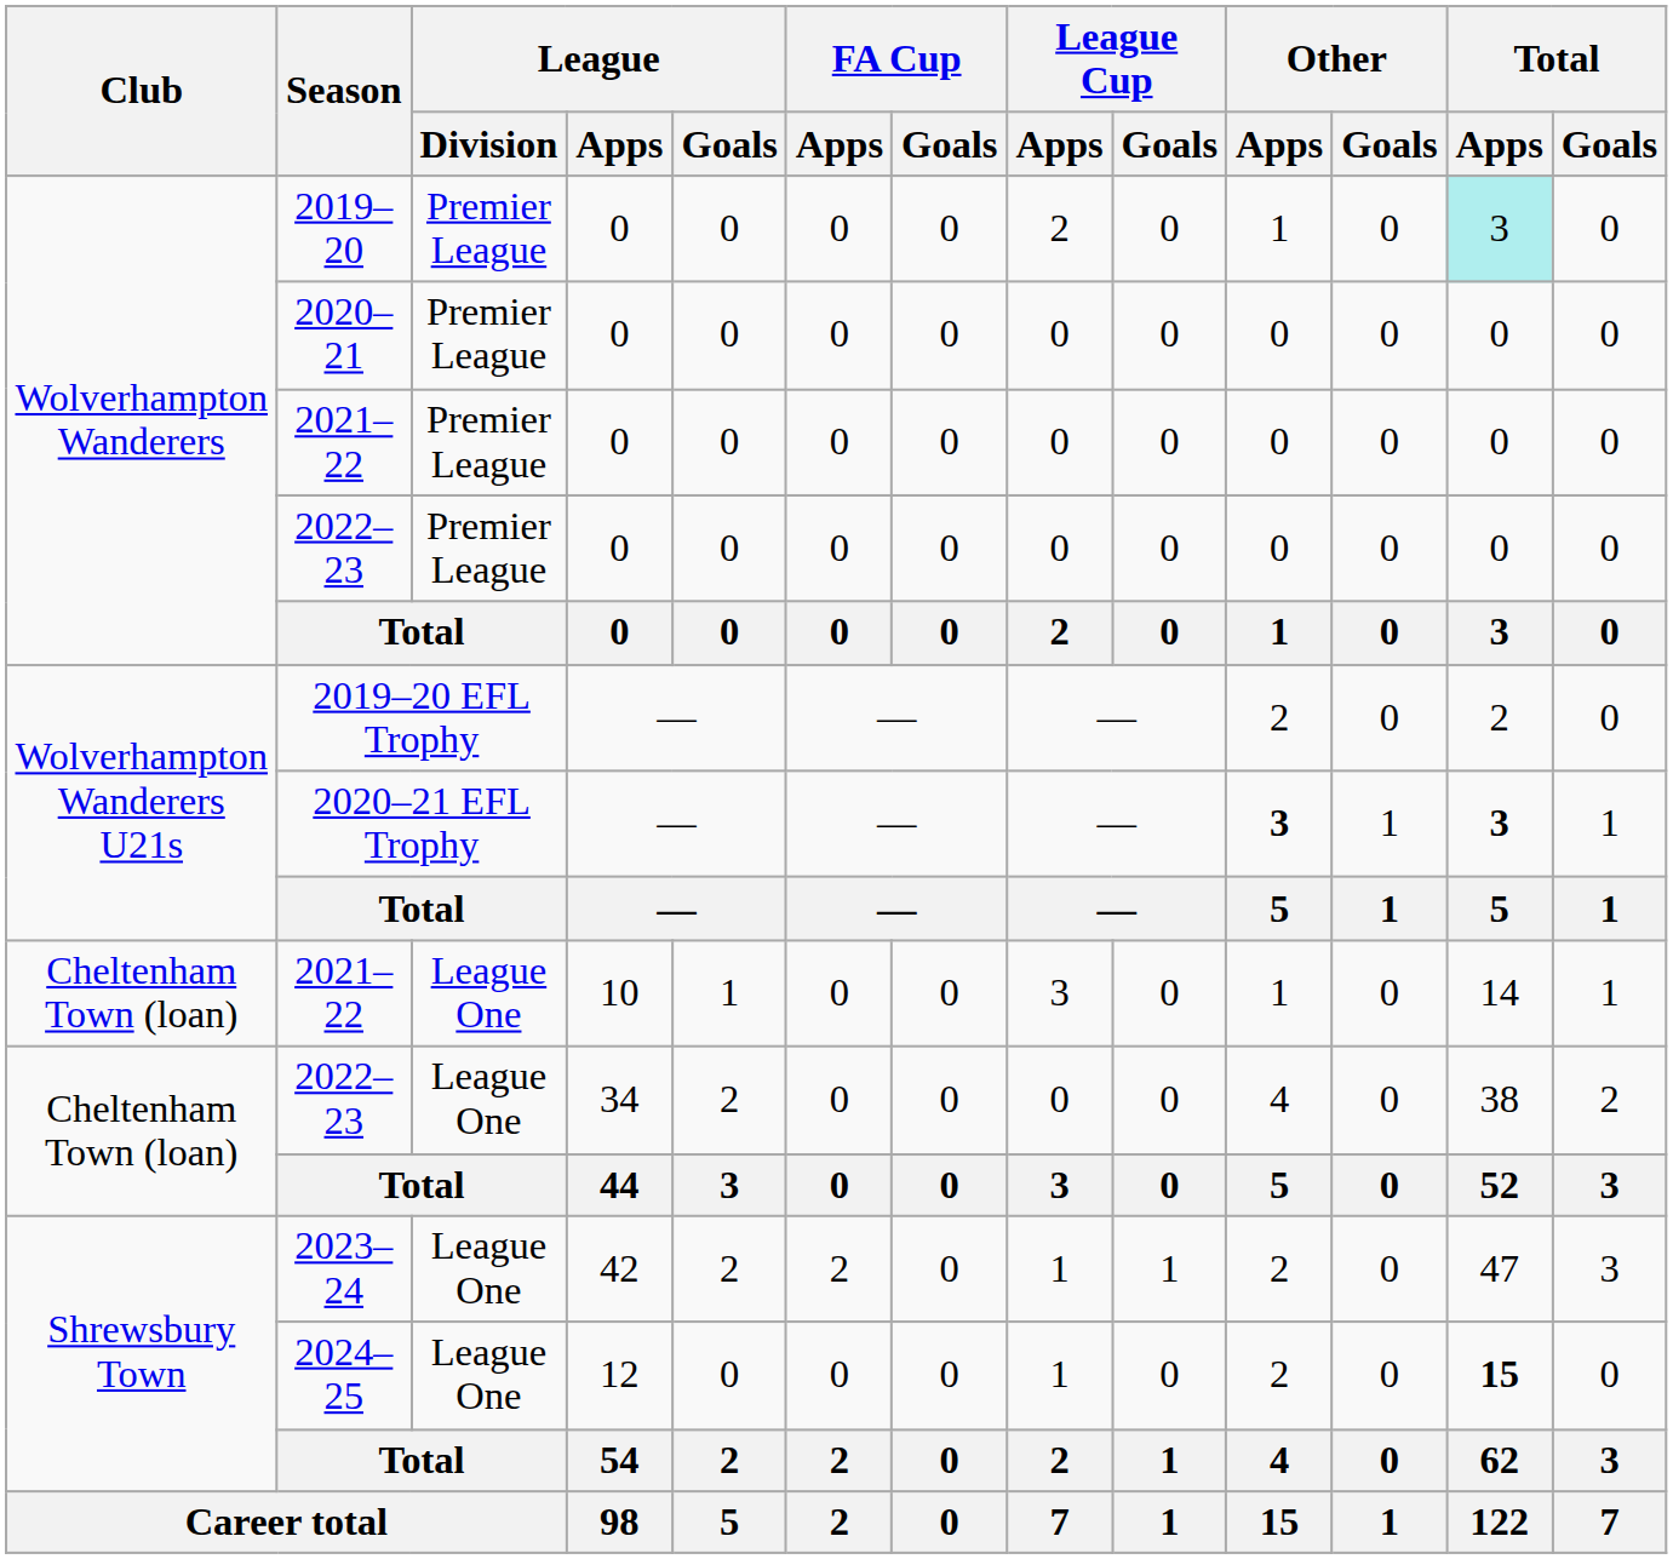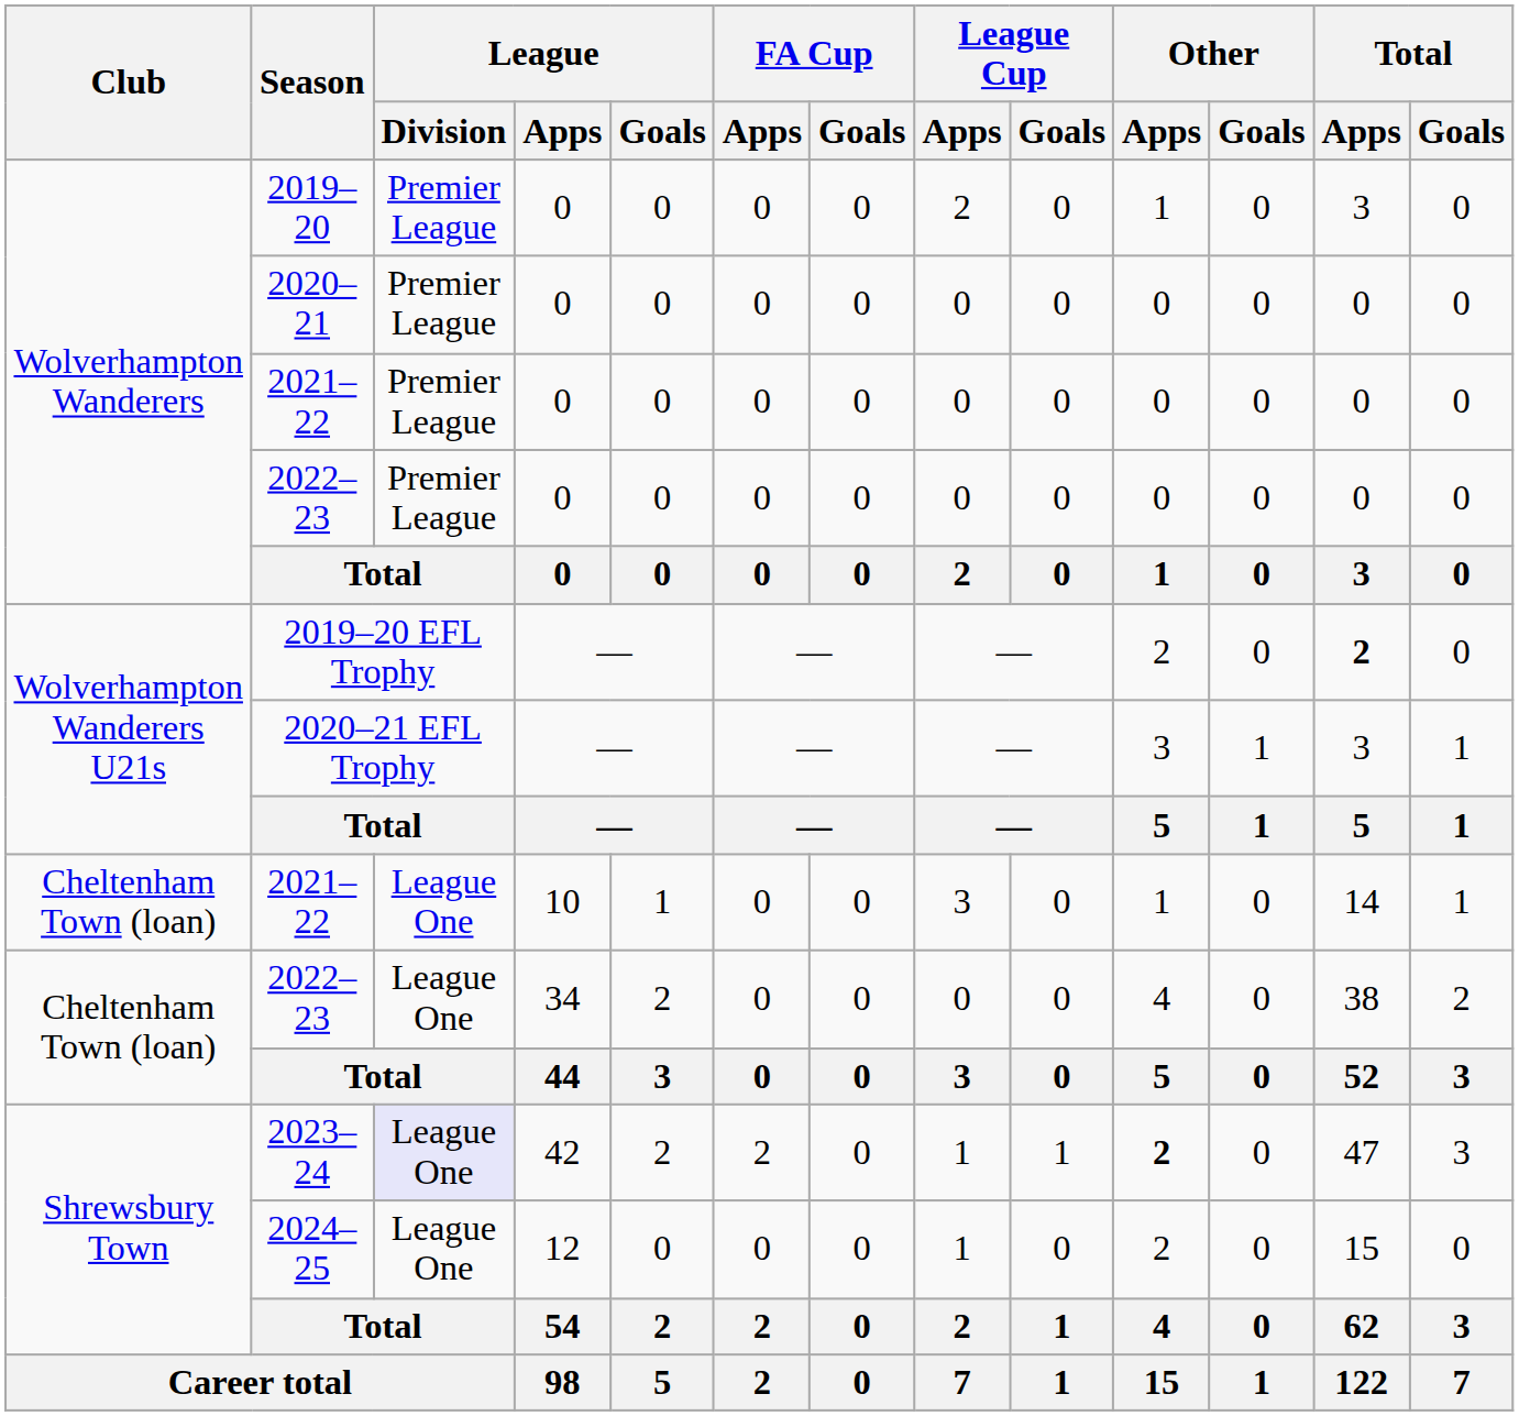 <table class="wikitable" style="text-align:center">
 <tr>
 <th rowspan="2">Club</th>
 <th rowspan="2">Season</th>
 <th colspan="3">League</th>
 <th colspan="2"><a href='#'>FA Cup</a></th>
 <th colspan="2"><a href='#'>League Cup</a></th>
 <th colspan="2">Other</th>
 <th colspan="2">Total</th>
 </tr>
 <tr>
 <th>Division</th>
 <th>Apps</th>
 <th>Goals</th>
 <th>Apps</th>
 <th>Goals</th>
 <th>Apps</th>
 <th>Goals</th>
 <th>Apps</th>
 <th>Goals</th>
 <th>Apps</th>
 <th>Goals</th>
 </tr>
 <tr>
 <td rowspan=5><a href='#'>Wolverhampton Wanderers</a></td>
 <td><a href='#'>2019–20</a></td>
 <td><a href='#'>Premier League</a></td>
 <td>0</td>
 <td>0</td>
 <td>0</td>
 <td>0</td>
 <td>2</td>
 <td>0</td>
 <td>1</td>
 <td>0</td>
-<td style="background: paleturquoise;">3</td>
+<td>3</td>
 <td>0</td>
 </tr>
 <tr>
 <td><a href='#'>2020–21</a></td>
 <td>Premier League</td>
 <td>0</td>
 <td>0</td>
 <td>0</td>
 <td>0</td>
 <td>0</td>
 <td>0</td>
 <td>0</td>
 <td>0</td>
 <td>0</td>
 <td>0</td>
 </tr>
 <tr>
 <td><a href='#'>2021–22</a></td>
 <td>Premier League</td>
 <td>0</td>
 <td>0</td>
 <td>0</td>
 <td>0</td>
 <td>0</td>
 <td>0</td>
 <td>0</td>
 <td>0</td>
 <td>0</td>
 <td>0</td>
 </tr>
 <tr>
 <td><a href='#'>2022–23</a></td>
 <td>Premier League</td>
 <td>0</td>
 <td>0</td>
 <td>0</td>
 <td>0</td>
 <td>0</td>
 <td>0</td>
 <td>0</td>
 <td>0</td>
 <td>0</td>
 <td>0</td>
 </tr>
 <tr>
 <th colspan=2>Total</th>
 <th>0</th>
 <th>0</th>
 <th>0</th>
 <th>0</th>
 <th>2</th>
 <th>0</th>
 <th>1</th>
 <th>0</th>
 <th>3</th>
 <th>0</th>
 </tr>
 <tr>
 <td rowspan=3><a href='#'>Wolverhampton Wanderers U21s</a></td>
 <td colspan="2"><a href='#'>2019–20 EFL Trophy</a></td>
 <td colspan="2">—</td>
 <td colspan="2">—</td>
 <td colspan="2">—</td>
 <td>2</td>
 <td>0</td>
-<td>2</td>
+<td><strong>2</strong></td>
 <td>0</td>
 </tr>
 <tr>
 <td colspan="2"><a href='#'>2020–21 EFL Trophy</a></td>
 <td colspan="2">—</td>
 <td colspan="2">—</td>
 <td colspan="2">—</td>
-<td><strong>3</strong></td>
+<td>3</td>
 <td>1</td>
-<td><strong>3</strong></td>
+<td>3</td>
 <td>1</td>
 </tr>
 <tr>
 <th colspan=2>Total</th>
 <th colspan="2">—</th>
 <th colspan="2">—</th>
 <th colspan="2">—</th>
 <th>5</th>
 <th>1</th>
 <th>5</th>
 <th>1</th>
 </tr>
 <tr>
 <td><a href='#'>Cheltenham Town</a> (loan)</td>
 <td><a href='#'>2021–22</a></td>
 <td><a href='#'>League One</a></td>
 <td>10</td>
 <td>1</td>
 <td>0</td>
 <td>0</td>
 <td>3</td>
 <td>0</td>
 <td>1</td>
 <td>0</td>
 <td>14</td>
 <td>1</td>
 </tr>
 <tr>
 <td rowspan="2">Cheltenham Town (loan)</td>
 <td><a href='#'>2022–23</a></td>
 <td>League One</td>
 <td>34</td>
 <td>2</td>
 <td>0</td>
 <td>0</td>
 <td>0</td>
 <td>0</td>
 <td>4</td>
 <td>0</td>
 <td>38</td>
 <td>2</td>
 </tr>
 <tr>
 <th colspan="2">Total</th>
 <th>44</th>
 <th>3</th>
 <th>0</th>
 <th>0</th>
 <th>3</th>
 <th>0</th>
 <th>5</th>
 <th>0</th>
 <th>52</th>
 <th>3</th>
 </tr>
 <tr>
 <td rowspan="3"><a href='#'>Shrewsbury Town</a></td>
 <td><a href='#'>2023–24</a></td>
-<td>League One</td>
+<td style="background: lavender;">League One</td>
 <td>42</td>
 <td>2</td>
 <td>2</td>
 <td>0</td>
 <td>1</td>
 <td>1</td>
-<td>2</td>
+<td><strong>2</strong></td>
 <td>0</td>
 <td>47</td>
 <td>3</td>
 </tr>
 <tr>
 <td><a href='#'>2024–25</a></td>
 <td>League One</td>
 <td>12</td>
 <td>0</td>
 <td>0</td>
 <td>0</td>
 <td>1</td>
 <td>0</td>
 <td>2</td>
 <td>0</td>
-<td><strong>15</strong></td>
+<td>15</td>
 <td>0</td>
 </tr>
 <tr>
 <th colspan="2">Total</th>
 <th>54</th>
 <th>2</th>
 <th>2</th>
 <th>0</th>
 <th>2</th>
 <th>1</th>
 <th>4</th>
 <th>0</th>
 <th>62</th>
 <th>3</th>
 </tr>
 <tr>
 <th colspan="3">Career total</th>
 <th>98</th>
 <th>5</th>
 <th>2</th>
 <th>0</th>
 <th>7</th>
 <th>1</th>
 <th>15</th>
 <th>1</th>
 <th>122</th>
 <th>7</th>
 </tr>
 </table>
